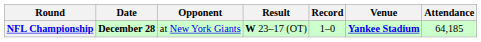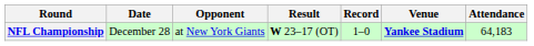 <table class="wikitable" style="text-align:center">
 <tr>
 <th>Round</th>
 <th>Date</th>
 <th>Opponent</th>
 <th>Result</th>
 <th>Record</th>
 <th>Venue</th>
 <th>Attendance</th>
 </tr>
 <tr style="background:#cfc">
 <th><a href='#'>NFL Championship</a></th>
-<td><strong>December 28</strong></td>
+<td>December 28</td>
 <td>at <a href='#'>New York Giants</a></td>
 <td><strong>W</strong> 23–17 (OT)</td>
 <td>1–0</td>
 <td><strong><a href='#'>Yankee Stadium</a></strong></td>
-<td>64,185</td>
+<td>64,183</td>
 </tr>
 </table>
